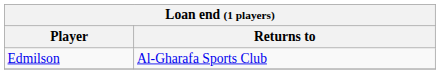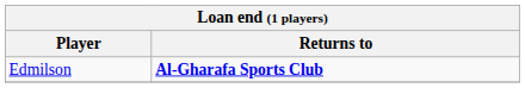 <table class="wikitable collapsible">
 <tr>
 <th colspan="2" width="500"> <strong>Loan end</strong> <small>(1 players)</small></th>
 </tr>
 <tr>
 <th>Player</th>
 <th>Returns to</th>
 </tr>
 <tr>
 <td> <a href='#'>Edmilson</a></td>
-<td> <a href='#'>Al-Gharafa Sports Club</a></td>
+<td><strong> <a href='#'>Al-Gharafa Sports Club</a></strong></td>
 </tr>
 <tr>
 </tr>
 </table>
